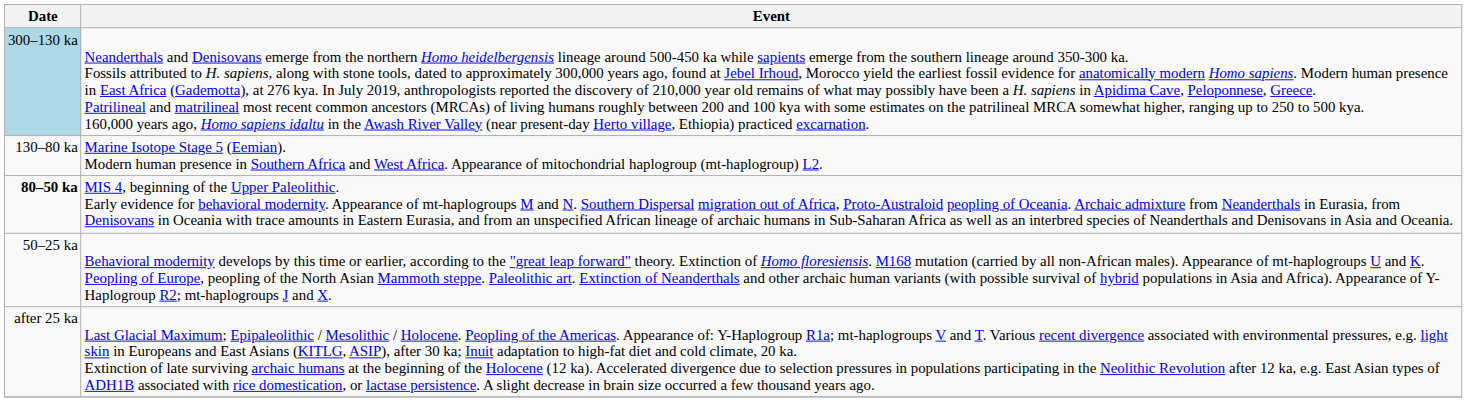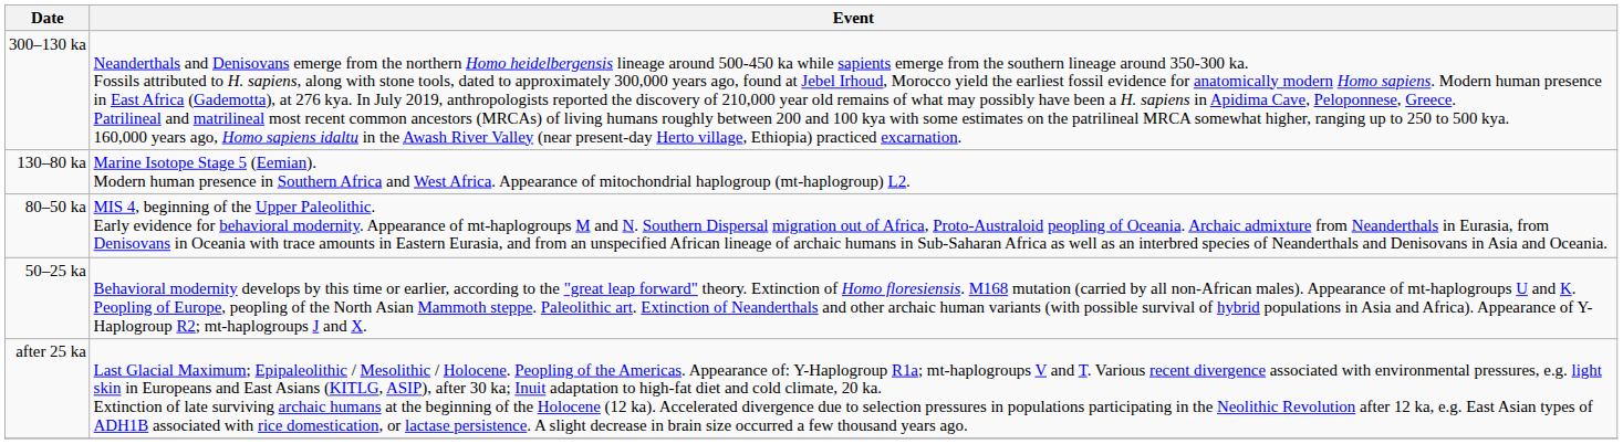 <table class="wikitable">
 <tr>
 <th scope="col">Date</th>
 <th scope="col">Event</th>
 </tr>
 <tr>
-<td style="background: lightblue; vertical-align: top; text-align: right; white-space: nowrap;">300–130 ka</td>
+<td style="vertical-align: top; text-align: right; white-space: nowrap;">300–130 ka</td>
 <td><br><a href='#'>Neanderthals</a> and <a href='#'>Denisovans</a> emerge from the northern <em><a href='#'>Homo heidelbergensis</a></em> lineage around 500-450 ka while <a href='#'>sapients</a> emerge  from the southern lineage around 350-300 ka.<br>Fossils attributed to <em>H. sapiens,</em> along with stone tools, dated to approximately 300,000 years ago, found at <a href='#'>Jebel Irhoud</a>, Morocco yield the earliest fossil evidence for <a href='#'>anatomically modern</a> <em><a href='#'>Homo sapiens</a></em>. Modern human presence in <a href='#'>East Africa</a> (<a href='#'>Gademotta</a>), at 276 kya. In July 2019, anthropologists reported the discovery of 210,000 year old remains of what may possibly have been a <em>H. sapiens</em> in <a href='#'>Apidima Cave</a>, <a href='#'>Peloponnese</a>, <a href='#'>Greece</a>.<br><a href='#'>Patrilineal</a> and <a href='#'>matrilineal</a> most recent common ancestors (MRCAs) of living humans roughly between 200 and 100 kya with some estimates on the patrilineal MRCA somewhat higher, ranging up to 250 to 500 kya.<br>160,000 years ago, <em><a href='#'>Homo sapiens idaltu</a></em> in the <a href='#'>Awash River Valley</a> (near present-day <a href='#'>Herto village</a>, Ethiopia) practiced <a href='#'>excarnation</a>.</td>
 </tr>
 <tr>
 <td style="vertical-align: top; text-align: right; white-space: nowrap;">130–80 ka</td>
 <td><a href='#'>Marine Isotope Stage 5</a> (<a href='#'>Eemian</a>).<br>Modern human presence in <a href='#'>Southern Africa</a> and <a href='#'>West Africa</a>. Appearance of mitochondrial haplogroup (mt-haplogroup) <a href='#'>L2</a>.</td>
 </tr>
 <tr>
-<td style="vertical-align: top; text-align: right; white-space: nowrap;"><strong>80–50 ka</strong></td>
+<td style="vertical-align: top; text-align: right; white-space: nowrap;">80–50 ka</td>
 <td><a href='#'>MIS 4</a>, beginning of the <a href='#'>Upper Paleolithic</a>.<br>Early evidence for <a href='#'>behavioral modernity</a>. Appearance of mt-haplogroups <a href='#'>M</a> and <a href='#'>N</a>. <a href='#'>Southern Dispersal</a>  <a href='#'>migration out of Africa</a>, <a href='#'>Proto-Australoid</a> <a href='#'>peopling of Oceania</a>. <a href='#'>Archaic admixture</a> from <a href='#'>Neanderthals</a> in Eurasia, from  <a href='#'>Denisovans</a> in Oceania with trace amounts in Eastern Eurasia, and from an unspecified African lineage of archaic humans in Sub-Saharan Africa as well as an interbred species of Neanderthals and Denisovans in Asia and Oceania.</td>
 </tr>
 <tr>
 <td style="vertical-align: top; text-align: right; white-space: nowrap;">50–25 ka</td>
 <td><br> <a href='#'>Behavioral modernity</a> develops by this time or earlier, according to the <a href='#'>"great leap forward"</a> theory. Extinction of <em><a href='#'>Homo floresiensis</a></em>. <a href='#'>M168</a> mutation (carried by all non-African males). Appearance of mt-haplogroups <a href='#'>U</a> and <a href='#'>K</a>. <a href='#'>Peopling of Europe</a>, peopling of the North Asian <a href='#'>Mammoth steppe</a>. <a href='#'>Paleolithic art</a>. <a href='#'>Extinction of Neanderthals</a> and other archaic human variants  (with possible survival of <a href='#'>hybrid</a> populations in Asia and Africa). Appearance of Y-Haplogroup <a href='#'>R2</a>; mt-haplogroups <a href='#'>J</a> and <a href='#'>X</a>.</td>
 </tr>
 <tr>
 <td style="vertical-align: top; text-align: right; white-space: nowrap;">after 25 ka</td>
 <td><br><a href='#'>Last Glacial Maximum</a>; <a href='#'>Epipaleolithic</a> / <a href='#'>Mesolithic</a> / <a href='#'>Holocene</a>. <a href='#'>Peopling of the Americas</a>. Appearance of: Y-Haplogroup <a href='#'>R1a</a>; mt-haplogroups <a href='#'>V</a> and <a href='#'>T</a>. Various <a href='#'>recent divergence</a> associated with environmental pressures, e.g.  <a href='#'>light skin</a> in Europeans and East Asians (<a href='#'>KITLG</a>, <a href='#'>ASIP</a>), after 30 ka; <a href='#'>Inuit</a> adaptation to high-fat diet and cold climate, 20 ka.<br>Extinction of late surviving <a href='#'>archaic humans</a> at the beginning of the <a href='#'>Holocene</a> (12 ka). Accelerated divergence due to selection pressures in populations participating in the <a href='#'>Neolithic Revolution</a> after 12 ka, e.g. East Asian types of <a href='#'>ADH1B</a> associated with <a href='#'>rice domestication</a>, or  <a href='#'>lactase persistence</a>. A slight decrease in brain size occurred a few thousand years ago.</td>
 </tr>
 <tr>
 </tr>
 </table>
